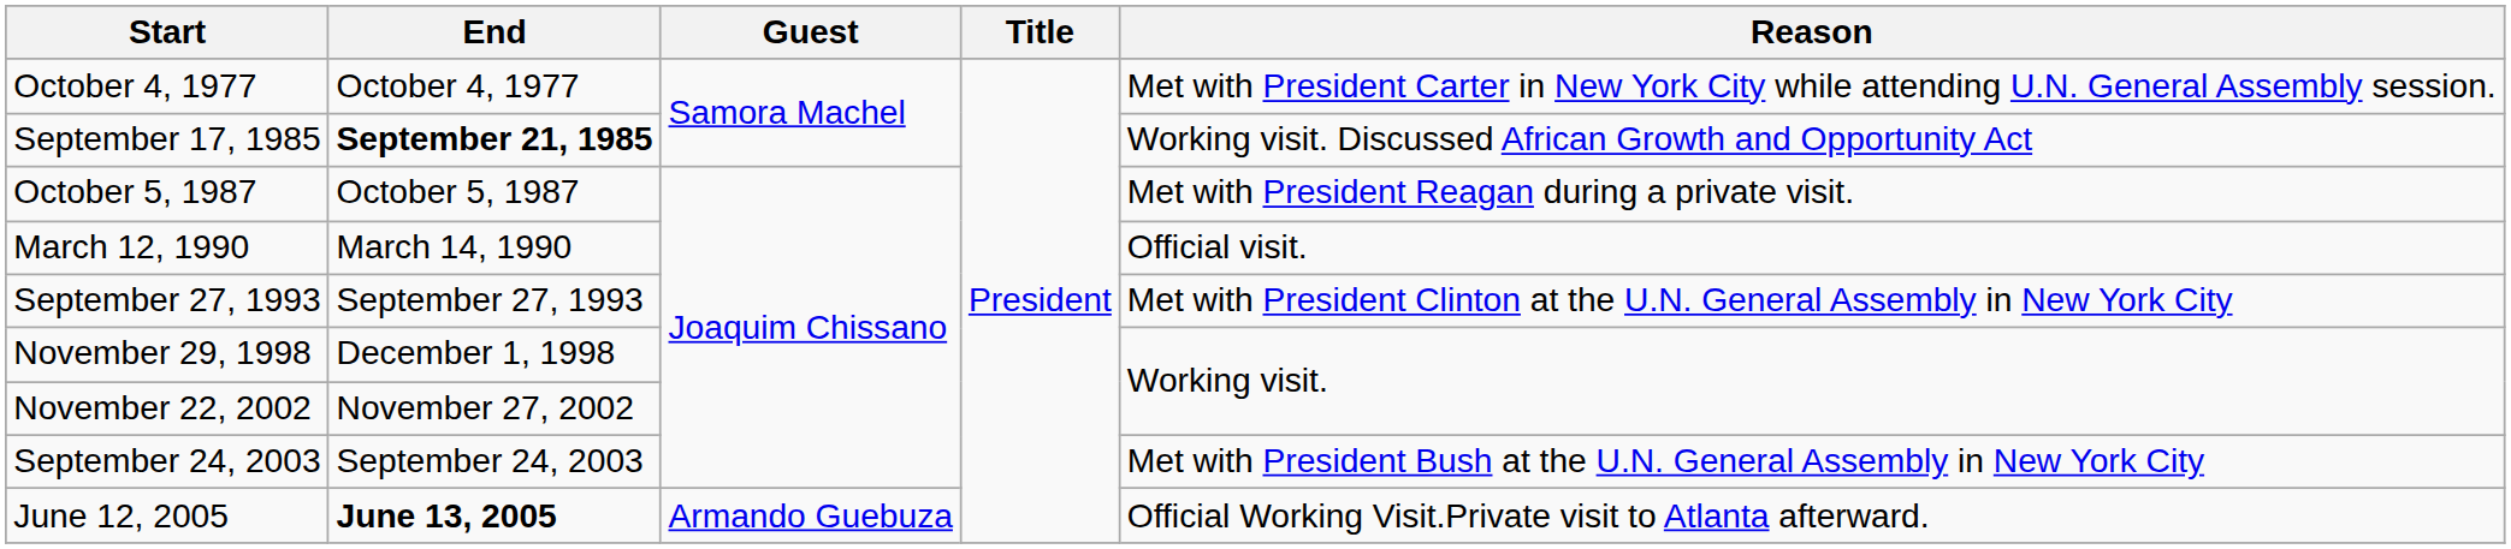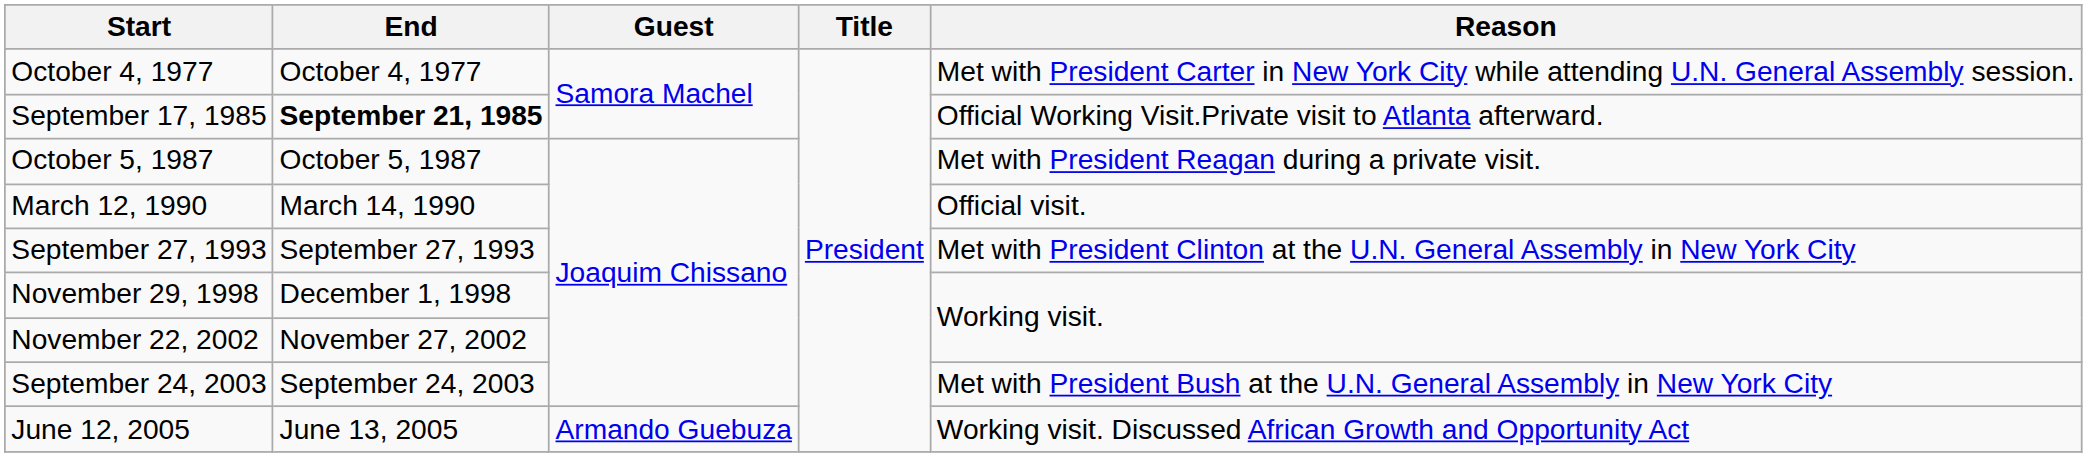 <table class="wikitable sortable">
 <tr>
 <th>Start</th>
 <th>End</th>
 <th>Guest</th>
 <th>Title</th>
 <th>Reason</th>
 </tr>
 <tr>
 <td>October 4, 1977</td>
 <td>October 4, 1977</td>
 <td rowspan=2><a href='#'>Samora Machel</a></td>
 <td rowspan=9><a href='#'>President</a></td>
 <td>Met with <a href='#'>President Carter</a> in <a href='#'>New York City</a> while attending <a href='#'>U.N. General Assembly</a> session.</td>
 </tr>
 <tr>
 <td>September 17, 1985</td>
 <td><strong>September 21, 1985</strong></td>
-<td>Working visit. Discussed <a href='#'>African Growth and Opportunity Act</a></td>
+<td>Official Working Visit.Private visit to <a href='#'>Atlanta</a> afterward.</td>
 </tr>
 <tr>
 <td>October 5, 1987</td>
 <td>October 5, 1987</td>
 <td rowspan=6><a href='#'>Joaquim Chissano</a></td>
 <td>Met with <a href='#'>President Reagan</a> during a private visit.</td>
 </tr>
 <tr>
 <td>March 12, 1990</td>
 <td>March 14, 1990</td>
 <td>Official visit.</td>
 </tr>
 <tr>
 <td>September 27, 1993</td>
 <td>September 27, 1993</td>
 <td>Met with <a href='#'>President Clinton</a> at the <a href='#'>U.N. General Assembly</a> in <a href='#'>New York City</a></td>
 </tr>
 <tr>
 <td>November 29, 1998</td>
 <td>December 1, 1998</td>
 <td rowspan=2>Working visit.</td>
 </tr>
 <tr>
 <td>November 22, 2002</td>
 <td>November 27, 2002</td>
 </tr>
 <tr>
 <td>September 24, 2003</td>
 <td>September 24, 2003</td>
 <td>Met with <a href='#'>President Bush</a> at the <a href='#'>U.N. General Assembly</a> in <a href='#'>New York City</a></td>
 </tr>
 <tr>
 <td>June 12, 2005</td>
-<td><strong>June 13, 2005</strong></td>
+<td>June 13, 2005</td>
 <td><a href='#'>Armando Guebuza</a></td>
-<td>Official Working Visit.Private visit to <a href='#'>Atlanta</a> afterward.</td>
+<td>Working visit. Discussed <a href='#'>African Growth and Opportunity Act</a></td>
 </tr>
 </table>
